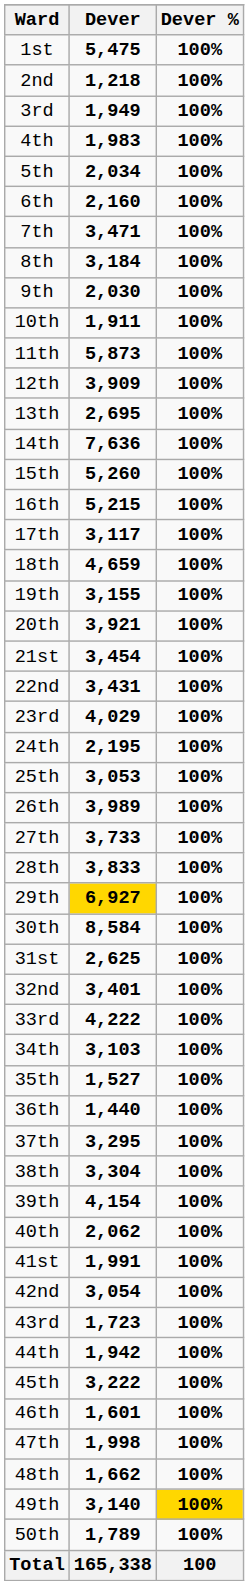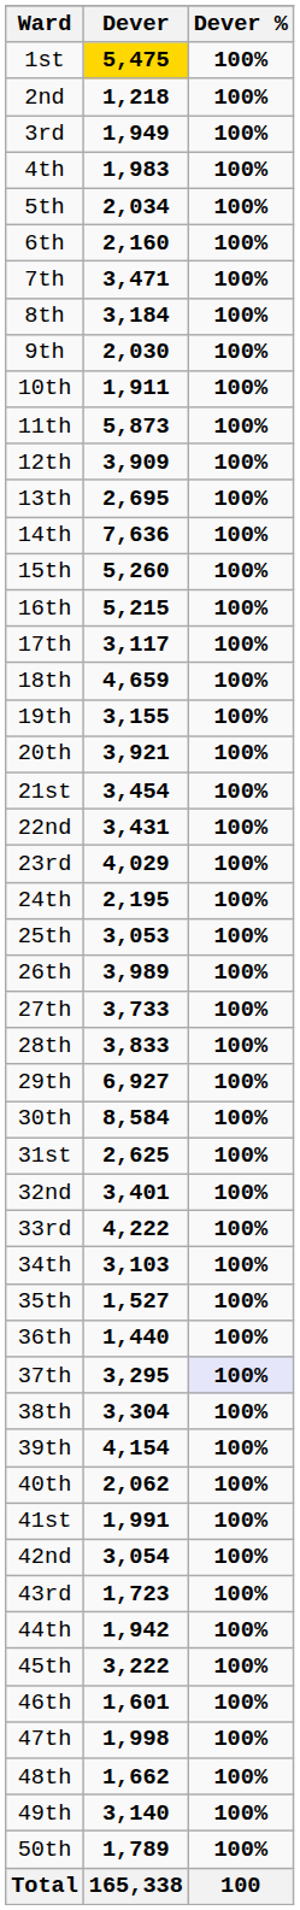 <table class="wikitable sortable mw-collapsible mw-collapsed" style="text-align: center;">
 <tr>
 </tr>
 <tr>
 <th>Ward</th>
 <th>Dever</th>
 <th>Dever %</th>
 </tr>
 <tr>
 <td>1st</td>
-<td><strong>5,475</strong></td>
+<td style="background: gold;"><strong>5,475</strong></td>
 <td><strong>100%</strong></td>
 </tr>
 <tr>
 <td>2nd</td>
 <td><strong>1,218</strong></td>
 <td><strong>100%</strong></td>
 </tr>
 <tr>
 <td>3rd</td>
 <td><strong>1,949</strong></td>
 <td><strong>100%</strong></td>
 </tr>
 <tr>
 <td>4th</td>
 <td><strong>1,983</strong></td>
 <td><strong>100%</strong></td>
 </tr>
 <tr>
 <td>5th</td>
 <td><strong>2,034</strong></td>
 <td><strong>100%</strong></td>
 </tr>
 <tr>
 <td>6th</td>
 <td><strong>2,160</strong></td>
 <td><strong>100%</strong></td>
 </tr>
 <tr>
 <td>7th</td>
 <td><strong>3,471</strong></td>
 <td><strong>100%</strong></td>
 </tr>
 <tr>
 <td>8th</td>
 <td><strong>3,184</strong></td>
 <td><strong>100%</strong></td>
 </tr>
 <tr>
 <td>9th</td>
 <td><strong>2,030</strong></td>
 <td><strong>100%</strong></td>
 </tr>
 <tr>
 <td>10th</td>
 <td><strong>1,911</strong></td>
 <td><strong>100%</strong></td>
 </tr>
 <tr>
 <td>11th</td>
 <td><strong>5,873</strong></td>
 <td><strong>100%</strong></td>
 </tr>
 <tr>
 <td>12th</td>
 <td><strong>3,909</strong></td>
 <td><strong>100%</strong></td>
 </tr>
 <tr>
 <td>13th</td>
 <td><strong>2,695</strong></td>
 <td><strong>100%</strong></td>
 </tr>
 <tr>
 <td>14th</td>
 <td><strong>7,636</strong></td>
 <td><strong>100%</strong></td>
 </tr>
 <tr>
 <td>15th</td>
 <td><strong>5,260</strong></td>
 <td><strong>100%</strong></td>
 </tr>
 <tr>
 <td>16th</td>
 <td><strong>5,215</strong></td>
 <td><strong>100%</strong></td>
 </tr>
 <tr>
 <td>17th</td>
 <td><strong>3,117</strong></td>
 <td><strong>100%</strong></td>
 </tr>
 <tr>
 <td>18th</td>
 <td><strong>4,659</strong></td>
 <td><strong>100%</strong></td>
 </tr>
 <tr>
 <td>19th</td>
 <td><strong>3,155</strong></td>
 <td><strong>100%</strong></td>
 </tr>
 <tr>
 <td>20th</td>
 <td><strong>3,921</strong></td>
 <td><strong>100%</strong></td>
 </tr>
 <tr>
 <td>21st</td>
 <td><strong>3,454</strong></td>
 <td><strong>100%</strong></td>
 </tr>
 <tr>
 <td>22nd</td>
 <td><strong>3,431</strong></td>
 <td><strong>100%</strong></td>
 </tr>
 <tr>
 <td>23rd</td>
 <td><strong>4,029</strong></td>
 <td><strong>100%</strong></td>
 </tr>
 <tr>
 <td>24th</td>
 <td><strong>2,195</strong></td>
 <td><strong>100%</strong></td>
 </tr>
 <tr>
 <td>25th</td>
 <td><strong>3,053</strong></td>
 <td><strong>100%</strong></td>
 </tr>
 <tr>
 <td>26th</td>
 <td><strong>3,989</strong></td>
 <td><strong>100%</strong></td>
 </tr>
 <tr>
 <td>27th</td>
 <td><strong>3,733</strong></td>
 <td><strong>100%</strong></td>
 </tr>
 <tr>
 <td>28th</td>
 <td><strong>3,833</strong></td>
 <td><strong>100%</strong></td>
 </tr>
 <tr>
 <td>29th</td>
-<td style="background: gold;"><strong>6,927</strong></td>
+<td><strong>6,927</strong></td>
 <td><strong>100%</strong></td>
 </tr>
 <tr>
 <td>30th</td>
 <td><strong>8,584</strong></td>
 <td><strong>100%</strong></td>
 </tr>
 <tr>
 <td>31st</td>
 <td><strong>2,625</strong></td>
 <td><strong>100%</strong></td>
 </tr>
 <tr>
 <td>32nd</td>
 <td><strong>3,401</strong></td>
 <td><strong>100%</strong></td>
 </tr>
 <tr>
 <td>33rd</td>
 <td><strong>4,222</strong></td>
 <td><strong>100%</strong></td>
 </tr>
 <tr>
 <td>34th</td>
 <td><strong>3,103</strong></td>
 <td><strong>100%</strong></td>
 </tr>
 <tr>
 <td>35th</td>
 <td><strong>1,527</strong></td>
 <td><strong>100%</strong></td>
 </tr>
 <tr>
 <td>36th</td>
 <td><strong>1,440</strong></td>
 <td><strong>100%</strong></td>
 </tr>
 <tr>
 <td>37th</td>
 <td><strong>3,295</strong></td>
-<td><strong>100%</strong></td>
+<td style="background: lavender;"><strong>100%</strong></td>
 </tr>
 <tr>
 <td>38th</td>
 <td><strong>3,304</strong></td>
 <td><strong>100%</strong></td>
 </tr>
 <tr>
 <td>39th</td>
 <td><strong>4,154</strong></td>
 <td><strong>100%</strong></td>
 </tr>
 <tr>
 <td>40th</td>
 <td><strong>2,062</strong></td>
 <td><strong>100%</strong></td>
 </tr>
 <tr>
 <td>41st</td>
 <td><strong>1,991</strong></td>
 <td><strong>100%</strong></td>
 </tr>
 <tr>
 <td>42nd</td>
 <td><strong>3,054</strong></td>
 <td><strong>100%</strong></td>
 </tr>
 <tr>
 <td>43rd</td>
 <td><strong>1,723</strong></td>
 <td><strong>100%</strong></td>
 </tr>
 <tr>
 <td>44th</td>
 <td><strong>1,942</strong></td>
 <td><strong>100%</strong></td>
 </tr>
 <tr>
 <td>45th</td>
 <td><strong>3,222</strong></td>
 <td><strong>100%</strong></td>
 </tr>
 <tr>
 <td>46th</td>
 <td><strong>1,601</strong></td>
 <td><strong>100%</strong></td>
 </tr>
 <tr>
 <td>47th</td>
 <td><strong>1,998</strong></td>
 <td><strong>100%</strong></td>
 </tr>
 <tr>
 <td>48th</td>
 <td><strong>1,662</strong></td>
 <td><strong>100%</strong></td>
 </tr>
 <tr>
 <td>49th</td>
 <td><strong>3,140</strong></td>
-<td style="background: gold;"><strong>100%</strong></td>
+<td><strong>100%</strong></td>
 </tr>
 <tr>
 <td>50th</td>
 <td><strong>1,789</strong></td>
 <td><strong>100%</strong></td>
 </tr>
 <tr>
 <th>Total</th>
 <th>165,338</th>
 <th>100</th>
 </tr>
 </table>
